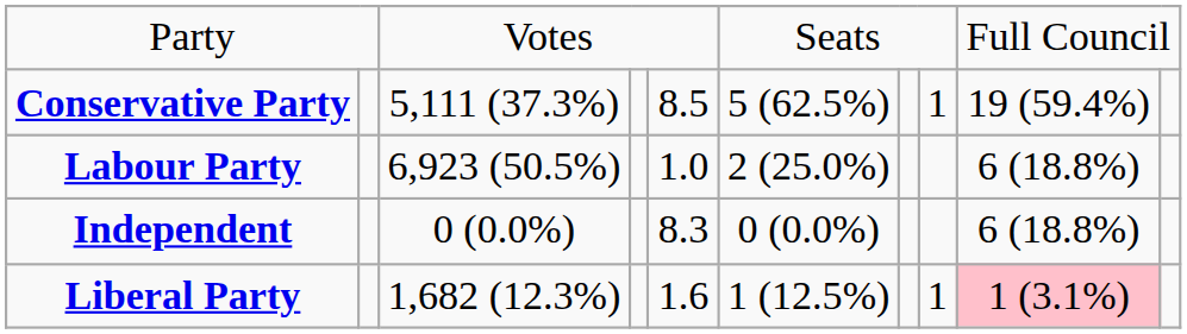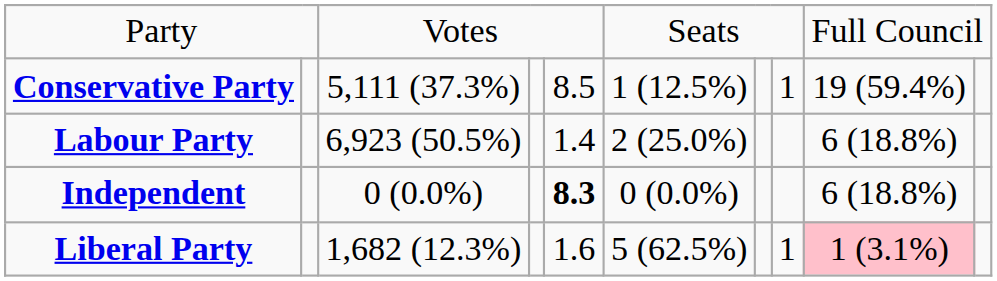 <table class=wikitable style="text-align:center;">
 <tr>
 <td colspan=2>Party</td>
 <td colspan=3>Votes</td>
 <td colspan=3>Seats</td>
 <td colspan=3>Full Council</td>
 </tr>
 <tr>
 <td><strong><a href='#'>Conservative Party</a></strong></td>
 <td style="background:"></td>
 <td>5,111 (37.3%)</td>
 <td></td>
 <td> 8.5</td>
-<td>5 (62.5%)</td>
+<td>1  (12.5%)</td>
 <td></td>
 <td> 1</td>
 <td>19 (59.4%)</td>
 <td></td>
 </tr>
 <tr>
 <td><strong><a href='#'>Labour Party</a></strong></td>
 <td style="background:"></td>
 <td>6,923 (50.5%)</td>
 <td></td>
-<td> 1.0</td>
+<td> 1.4</td>
 <td>2 (25.0%)</td>
 <td></td>
 <td></td>
 <td>6 (18.8%)</td>
 <td></td>
 </tr>
 <tr>
 <td><strong><a href='#'>Independent</a></strong></td>
 <td style="background:"></td>
 <td>0 (0.0%)</td>
 <td></td>
-<td> 8.3</td>
+<td><strong> 8.3</strong></td>
 <td>0 (0.0%)</td>
 <td></td>
 <td></td>
 <td>6  (18.8%)</td>
 <td></td>
 </tr>
 <tr>
 <td><strong><a href='#'>Liberal Party</a></strong></td>
 <td style="background:"></td>
 <td>1,682 (12.3%)</td>
 <td></td>
 <td> 1.6</td>
-<td>1  (12.5%)</td>
+<td>5 (62.5%)</td>
 <td></td>
 <td>1</td>
 <td style="background: pink;">1 (3.1%)</td>
 <td></td>
 </tr>
 </table>
